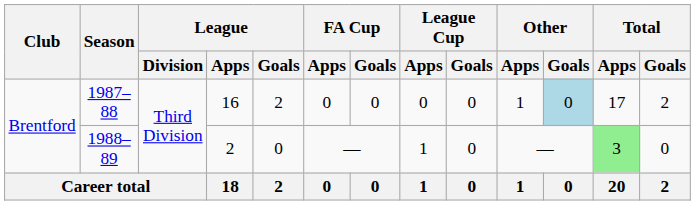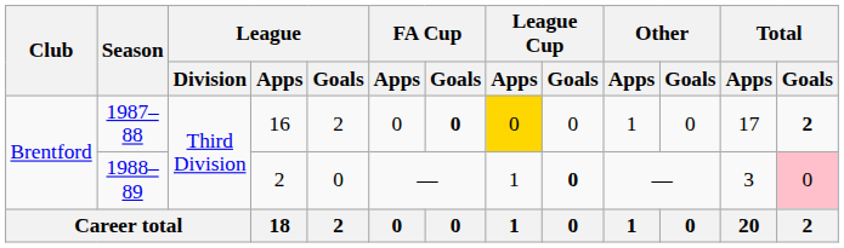 <table class="wikitable" style="text-align: center;">
 <tr>
 <th rowspan="2">Club</th>
 <th rowspan="2">Season</th>
 <th colspan="3">League</th>
 <th colspan="2">FA Cup</th>
 <th colspan="2">League Cup</th>
 <th colspan="2">Other</th>
 <th colspan="2">Total</th>
 </tr>
 <tr>
 <th>Division</th>
 <th>Apps</th>
 <th>Goals</th>
 <th>Apps</th>
 <th>Goals</th>
 <th>Apps</th>
 <th>Goals</th>
 <th>Apps</th>
 <th>Goals</th>
 <th>Apps</th>
 <th>Goals</th>
 </tr>
 <tr>
 <td rowspan="2"><a href='#'>Brentford</a></td>
 <td><a href='#'>1987–88</a></td>
 <td rowspan="2"><a href='#'>Third Division</a></td>
 <td>16</td>
 <td>2</td>
 <td>0</td>
-<td>0</td>
-<td>0</td>
+<td><strong>0</strong></td>
+<td style="background: gold;">0</td>
 <td>0</td>
 <td>1</td>
-<td style="background: lightblue;">0</td>
+<td>0</td>
 <td>17</td>
-<td>2</td>
+<td><strong>2</strong></td>
 </tr>
 <tr>
 <td><a href='#'>1988–89</a></td>
 <td>2</td>
 <td>0</td>
 <td colspan="2">—</td>
 <td>1</td>
-<td>0</td>
+<td><strong>0</strong></td>
 <td colspan="2">—</td>
-<td style="background: lightgreen;">3</td>
-<td>0</td>
+<td>3</td>
+<td style="background: pink;">0</td>
 </tr>
 <tr>
 <th colspan="3">Career total</th>
 <th>18</th>
 <th>2</th>
 <th>0</th>
 <th>0</th>
 <th>1</th>
 <th>0</th>
 <th>1</th>
 <th>0</th>
 <th>20</th>
 <th>2</th>
 </tr>
 </table>
